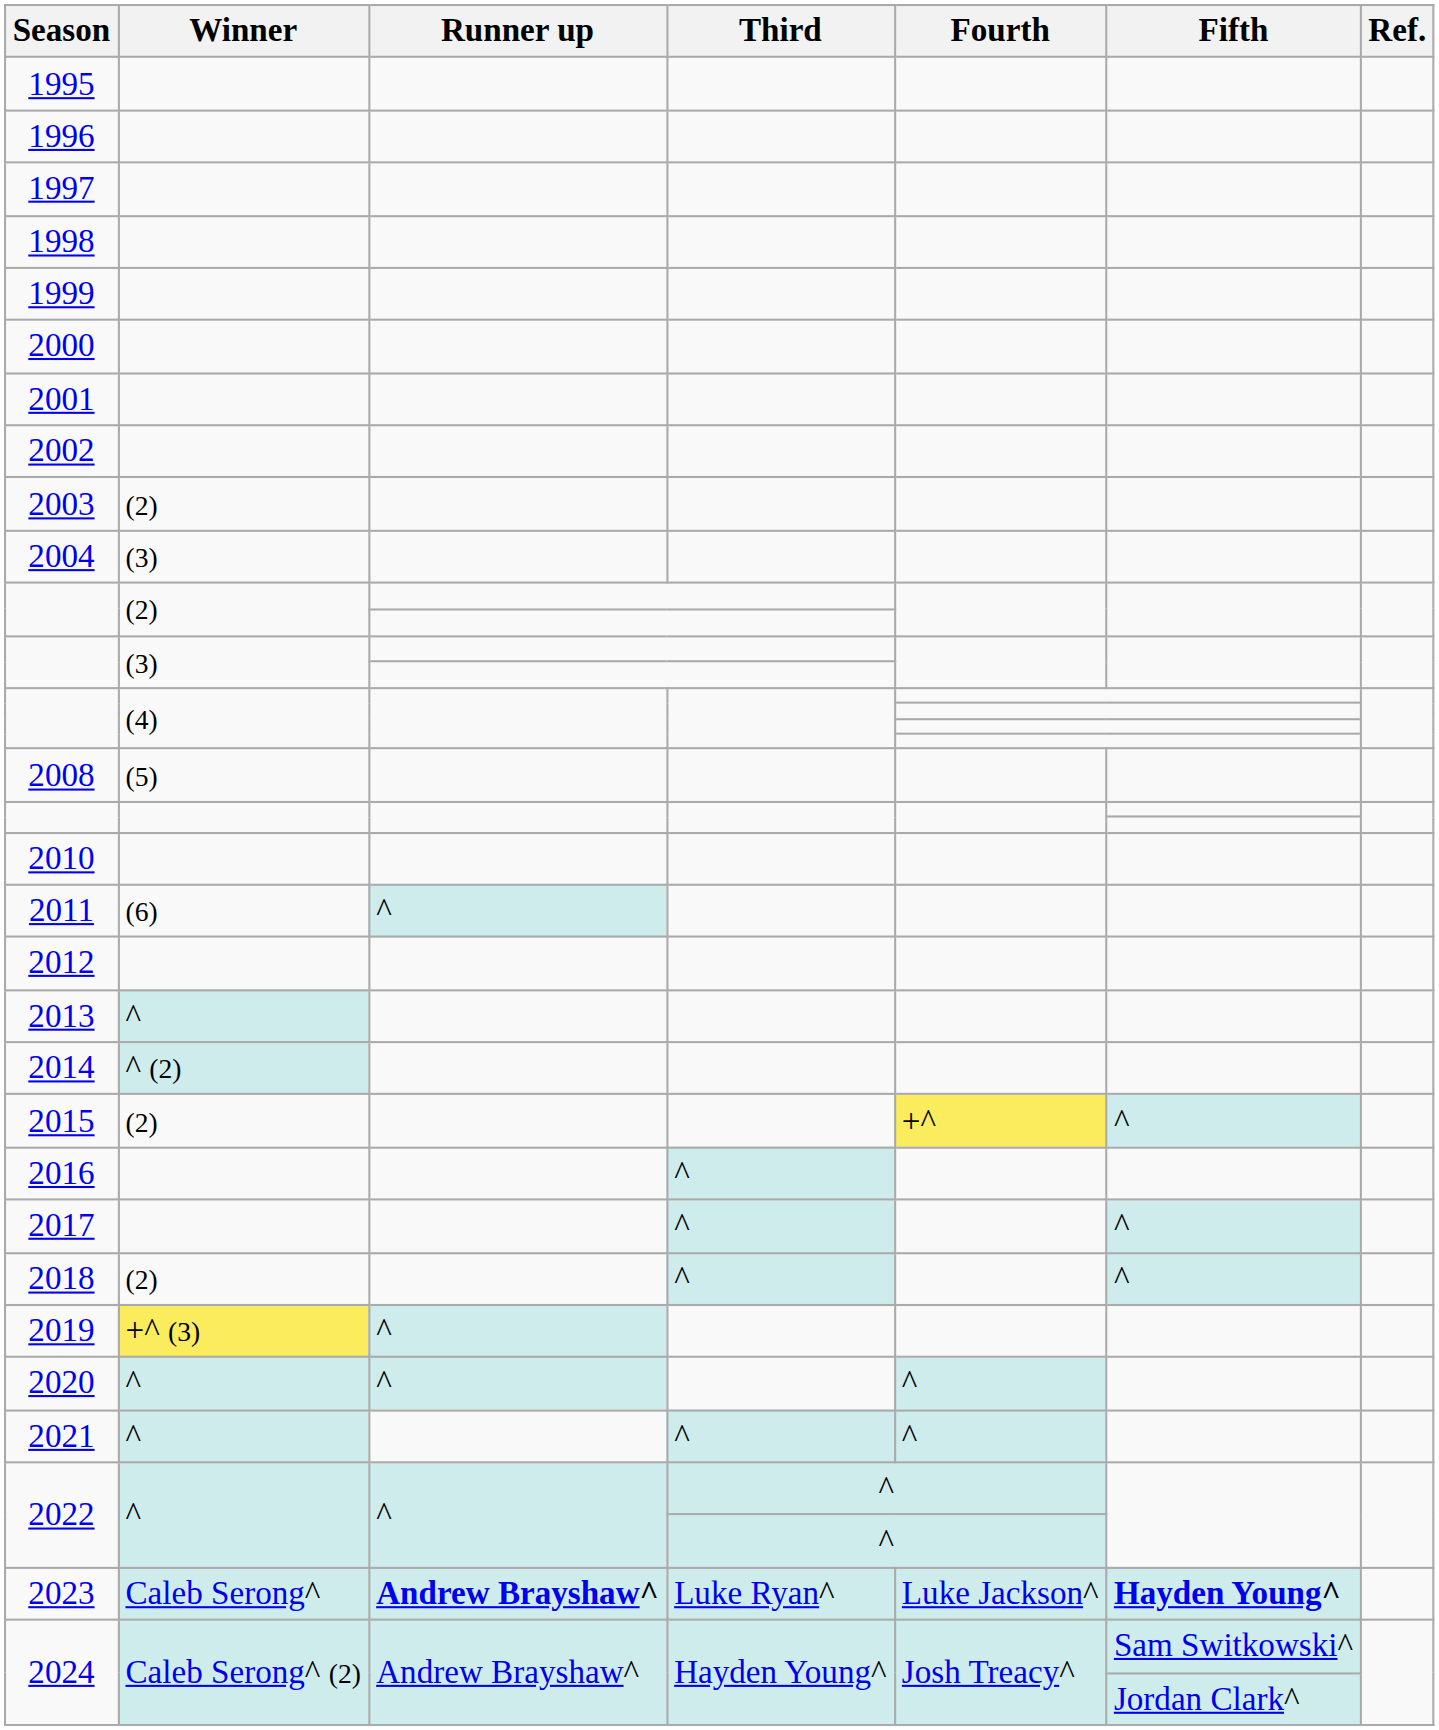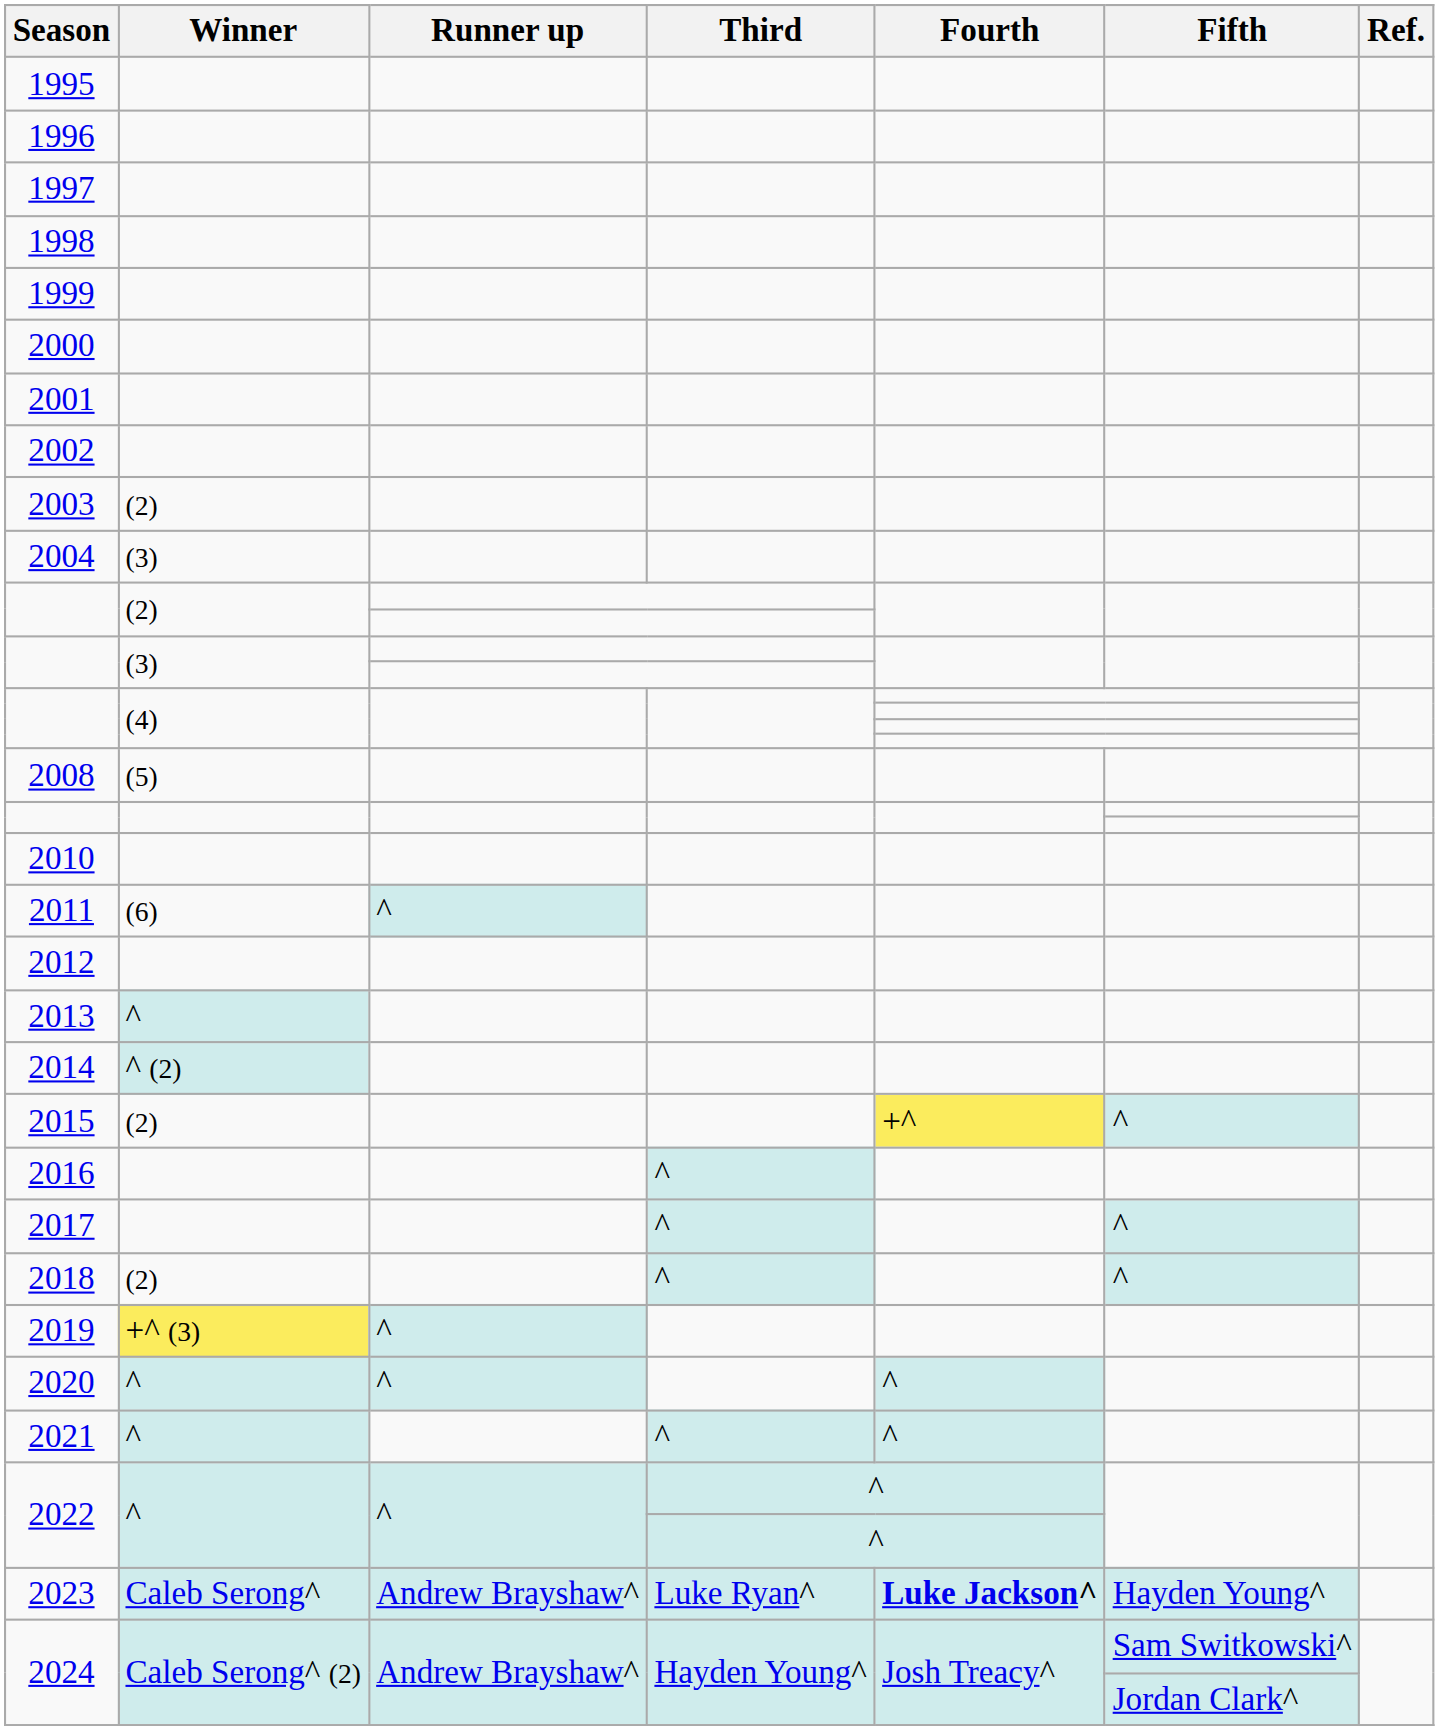 <table class="wikitable sortable">
 <tr>
 <th>Season</th>
 <th>Winner</th>
 <th>Runner up</th>
 <th>Third</th>
 <th>Fourth</th>
 <th>Fifth</th>
 <th class=unsortable>Ref.</th>
 </tr>
 <tr>
 <td align=center><a href='#'>1995</a></td>
 <td></td>
 <td></td>
 <td></td>
 <td></td>
 <td></td>
 <td align=center></td>
 </tr>
 <tr>
 <td align=center><a href='#'>1996</a></td>
 <td></td>
 <td></td>
 <td></td>
 <td></td>
 <td></td>
 <td align=center></td>
 </tr>
 <tr>
 <td align=center><a href='#'>1997</a></td>
 <td></td>
 <td></td>
 <td></td>
 <td></td>
 <td></td>
 <td align=center></td>
 </tr>
 <tr>
 <td align=center><a href='#'>1998</a></td>
 <td></td>
 <td></td>
 <td></td>
 <td></td>
 <td></td>
 <td align=center></td>
 </tr>
 <tr>
 <td align=center><a href='#'>1999</a></td>
 <td></td>
 <td></td>
 <td></td>
 <td></td>
 <td></td>
 <td align=center></td>
 </tr>
 <tr>
 <td align=center><a href='#'>2000</a></td>
 <td></td>
 <td></td>
 <td></td>
 <td></td>
 <td></td>
 <td align=center></td>
 </tr>
 <tr>
 <td align=center><a href='#'>2001</a></td>
 <td></td>
 <td></td>
 <td></td>
 <td></td>
 <td></td>
 <td align=center></td>
 </tr>
 <tr>
 <td align=center><a href='#'>2002</a></td>
 <td></td>
 <td></td>
 <td></td>
 <td></td>
 <td></td>
 <td align=center></td>
 </tr>
 <tr>
 <td align=center><a href='#'>2003</a></td>
 <td> <small>(2)</small></td>
 <td></td>
 <td></td>
 <td></td>
 <td></td>
 <td align=center></td>
 </tr>
 <tr>
 <td align=center><a href='#'>2004</a></td>
 <td> <small>(3)</small></td>
 <td></td>
 <td></td>
 <td></td>
 <td></td>
 <td align=center></td>
 </tr>
 <tr>
 <td rowspan=2></td>
 <td rowspan=2> <small>(2)</small></td>
 <td align=center colspan=2></td>
 <td rowspan=2></td>
 <td rowspan=2></td>
 <td rowspan=2 style="text-align:center;"></td>
 </tr>
 <tr>
 <td align=center colspan=2></td>
 </tr>
 <tr>
 <td rowspan=2></td>
 <td rowspan=2> <small>(3)</small></td>
 <td align=center colspan=2></td>
 <td rowspan=2></td>
 <td rowspan=2></td>
 <td rowspan=2 style="text-align:center;"></td>
 </tr>
 <tr>
 <td align=center colspan=2></td>
 </tr>
 <tr>
 <td rowspan=4></td>
 <td rowspan=4> <small>(4)</small></td>
 <td rowspan=4></td>
 <td rowspan=4></td>
 <td align=center colspan=2></td>
 <td rowspan=4 style="text-align:center;"></td>
 </tr>
 <tr>
 <td align=center colspan=2></td>
 </tr>
 <tr>
 <td align=center colspan=2></td>
 </tr>
 <tr>
 <td align=center colspan=2></td>
 </tr>
 <tr>
 <td align=center><a href='#'>2008</a></td>
 <td> <small>(5)</small></td>
 <td></td>
 <td></td>
 <td></td>
 <td></td>
 <td align=center></td>
 </tr>
 <tr>
 <td rowspan=2></td>
 <td rowspan=2></td>
 <td rowspan=2></td>
 <td rowspan=2></td>
 <td rowspan=2></td>
 <td></td>
 <td rowspan=2></td>
 </tr>
 <tr>
 <td></td>
 </tr>
 <tr>
 <td align=center><a href='#'>2010</a></td>
 <td></td>
 <td></td>
 <td></td>
 <td></td>
 <td></td>
 <td align=center></td>
 </tr>
 <tr>
 <td align=center><a href='#'>2011</a></td>
 <td> <small>(6)</small></td>
 <td style="background:#cfecec;">^</td>
 <td></td>
 <td></td>
 <td></td>
 <td align=center></td>
 </tr>
 <tr>
 <td align=center><a href='#'>2012</a></td>
 <td></td>
 <td></td>
 <td></td>
 <td></td>
 <td></td>
 <td align=center></td>
 </tr>
 <tr>
 <td align=center><a href='#'>2013</a></td>
 <td style="background:#cfecec;">^</td>
 <td></td>
 <td></td>
 <td></td>
 <td></td>
 <td align=center></td>
 </tr>
 <tr>
 <td align=center><a href='#'>2014</a></td>
 <td style="background:#cfecec;">^ <small>(2)</small></td>
 <td></td>
 <td></td>
 <td></td>
 <td></td>
 <td align=center></td>
 </tr>
 <tr>
 <td align=center><a href='#'>2015</a></td>
 <td> <small>(2)</small></td>
 <td></td>
 <td></td>
 <td style="background:#fbec5d;">+^</td>
 <td style="background:#cfecec;">^</td>
 <td align=center></td>
 </tr>
 <tr>
 <td align=center><a href='#'>2016</a></td>
 <td></td>
 <td></td>
 <td style="background:#cfecec;">^</td>
 <td></td>
 <td></td>
 <td align=center></td>
 </tr>
 <tr>
 <td align=center><a href='#'>2017</a></td>
 <td></td>
 <td></td>
 <td style="background:#cfecec;">^</td>
 <td></td>
 <td style="background:#cfecec;">^</td>
 <td align=center></td>
 </tr>
 <tr>
 <td align=center><a href='#'>2018</a></td>
 <td> <small>(2)</small></td>
 <td></td>
 <td style="background:#cfecec;">^</td>
 <td></td>
 <td style="background:#cfecec;">^</td>
 <td align=center></td>
 </tr>
 <tr>
 <td align=center><a href='#'>2019</a></td>
 <td style="background:#fbec5d;">+^ <small>(3)</small></td>
 <td style="background:#cfecec;">^</td>
 <td></td>
 <td></td>
 <td></td>
 <td align=center></td>
 </tr>
 <tr>
 <td align=center><a href='#'>2020</a></td>
 <td style="background:#cfecec;">^</td>
 <td style="background:#cfecec;">^</td>
 <td></td>
 <td style="background:#cfecec;">^</td>
 <td></td>
 <td align=center></td>
 </tr>
 <tr>
 <td align=center><a href='#'>2021</a></td>
 <td style="background:#cfecec;">^</td>
 <td></td>
 <td style="background:#cfecec;">^</td>
 <td style="background:#cfecec;">^</td>
 <td></td>
 <td align=center></td>
 </tr>
 <tr>
 <td rowspan=2 align=center><a href='#'>2022</a></td>
 <td rowspan=2 style="background:#cfecec;">^</td>
 <td rowspan=2 style="background:#cfecec;">^</td>
 <td align=center colspan=2 style="background:#cfecec;">^</td>
 <td rowspan=2></td>
 <td rowspan=2 align=center></td>
 </tr>
 <tr>
 <td align=center colspan=2 style="background:#cfecec;">^</td>
 </tr>
 <tr>
 <td align=center><a href='#'>2023</a></td>
 <td style="background:#cfecec;"><a href='#'>Caleb Serong</a>^</td>
-<td style="background:#cfecec;"><strong><a href='#'>Andrew Brayshaw</a>^</strong></td>
+<td style="background:#cfecec;"><a href='#'>Andrew Brayshaw</a>^</td>
 <td style="background:#cfecec;"><a href='#'>Luke Ryan</a>^</td>
-<td style="background:#cfecec;"><a href='#'>Luke Jackson</a>^</td>
-<td style="background:#cfecec;"><strong><a href='#'>Hayden Young</a>^</strong></td>
+<td style="background:#cfecec;"><strong><a href='#'>Luke Jackson</a>^</strong></td>
+<td style="background:#cfecec;"><a href='#'>Hayden Young</a>^</td>
 <td align=center></td>
 </tr>
 <tr>
 <td rowspan=2 align=center><a href='#'>2024</a></td>
 <td rowspan=2 style="background:#cfecec;"><a href='#'>Caleb Serong</a>^ <small>(2)</small></td>
 <td rowspan=2 style="background:#cfecec;"><a href='#'>Andrew Brayshaw</a>^</td>
 <td rowspan=2 style="background:#cfecec;"><a href='#'>Hayden Young</a>^</td>
 <td rowspan=2 style="background:#cfecec;"><a href='#'>Josh Treacy</a>^</td>
 <td style="background:#cfecec;"><a href='#'>Sam Switkowski</a>^</td>
 <td rowspan=2 align=center></td>
 </tr>
 <tr>
 <td style="background:#cfecec;"><a href='#'>Jordan Clark</a>^</td>
 </tr>
 <tr>
 </tr>
 </table>
